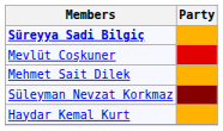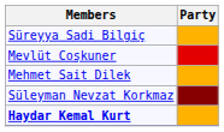 <table class=wikitable style="border:1px solid #8888aa; background-color:#f7f8ff; padding:0px; font-size:90%;">
 <tr>
 <th>Members</th>
 <th colspan="2">Party</th>
 </tr>
 <tr>
-<td><strong><a href='#'>Süreyya Sadi Bilgiç</a></strong></td>
+<td><a href='#'>Süreyya Sadi Bilgiç</a></td>
 <td style="background: #ffb300"></td>
 </tr>
 <tr>
 <td><a href='#'>Mevlüt Coşkuner</a></td>
 <td style="background: #e30000"></td>
 </tr>
 <tr>
 <td><a href='#'>Mehmet Sait Dilek</a></td>
 <td style="background: #ffb300"></td>
 </tr>
 <tr>
 <td><a href='#'>Süleyman Nevzat Korkmaz</a></td>
 <td style="background: #870000"></td>
 </tr>
 <tr>
-<td><a href='#'>Haydar Kemal Kurt</a></td>
+<td><strong><a href='#'>Haydar Kemal Kurt</a></strong></td>
 <td style="background: #ffb300"></td>
 </tr>
 <tr>
 </tr>
 </table>
